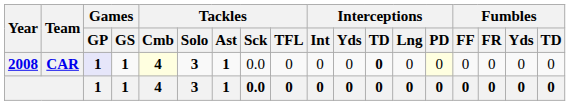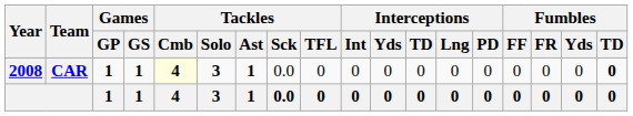 <table class="wikitable" style="text-align:center">
 <tr>
 <th rowspan="2">Year</th>
 <th rowspan="2">Team</th>
 <th colspan="2">Games</th>
 <th colspan="5">Tackles</th>
 <th colspan="5">Interceptions</th>
 <th colspan="4">Fumbles</th>
 </tr>
 <tr>
 <th>GP</th>
 <th>GS</th>
 <th>Cmb</th>
 <th>Solo</th>
 <th>Ast</th>
 <th>Sck</th>
 <th>TFL</th>
 <th>Int</th>
 <th>Yds</th>
 <th>TD</th>
 <th>Lng</th>
 <th>PD</th>
 <th>FF</th>
 <th>FR</th>
 <th>Yds</th>
 <th>TD</th>
 </tr>
 <tr>
 <th><a href='#'>2008</a></th>
 <th><a href='#'>CAR</a></th>
-<td style="background: lavender;"><strong>1</strong></td>
+<td><strong>1</strong></td>
 <td><strong>1</strong></td>
 <td style="background: lightyellow;"><strong>4</strong></td>
 <td><strong>3</strong></td>
 <td><strong>1</strong></td>
 <td>0.0</td>
 <td>0</td>
 <td>0</td>
 <td>0</td>
-<td><strong>0</strong></td>
-<td>0</td>
-<td style="background: lightyellow;">0</td>
 <td>0</td>
 <td>0</td>
 <td>0</td>
 <td>0</td>
+<td>0</td>
+<td>0</td>
+<td><strong>0</strong></td>
 </tr>
 <tr>
 <th colspan="2"></th>
 <th>1</th>
 <th>1</th>
 <th>4</th>
 <th>3</th>
 <th>1</th>
 <th>0.0</th>
 <th>0</th>
 <th>0</th>
 <th>0</th>
 <th>0</th>
 <th>0</th>
 <th>0</th>
 <th>0</th>
 <th>0</th>
 <th>0</th>
 <th>0</th>
 </tr>
 </table>
